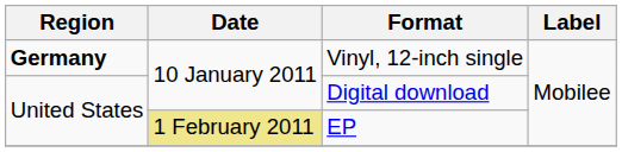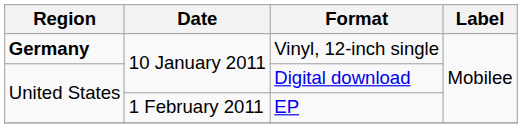 <table class="wikitable">
 <tr>
 <th>Region</th>
 <th>Date</th>
 <th>Format</th>
 <th>Label</th>
 </tr>
 <tr>
 <td><strong>Germany</strong></td>
 <td rowspan="2">10 January 2011</td>
 <td rowspan="1">Vinyl, 12-inch single</td>
 <td rowspan="3">Mobilee</td>
 </tr>
 <tr>
 <td rowspan="2">United States</td>
 <td><a href='#'>Digital download</a></td>
 </tr>
 <tr>
-<td style="background: khaki;">1 February 2011</td>
+<td>1 February 2011</td>
 <td><a href='#'>EP</a></td>
 </tr>
 <tr>
 </tr>
 </table>
